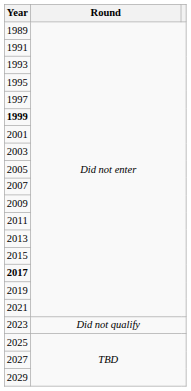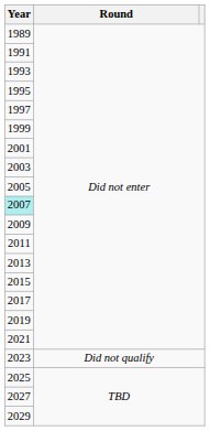 <table class="wikitable" style="text-align: center; font-size:90%">
 <tr>
 <th>Year</th>
 <th style="width:200px">Round</th>
 <th></th>
 </tr>
 <tr>
 <td>1989</td>
 <td colspan="2" rowspan="17"><em>Did not enter</em></td>
 </tr>
 <tr>
 <td>1991</td>
 </tr>
 <tr>
 <td>1993</td>
 </tr>
 <tr>
 <td>1995</td>
 </tr>
 <tr>
 <td>1997</td>
 </tr>
 <tr>
-<td><strong>1999</strong></td>
+<td>1999</td>
 </tr>
 <tr>
 <td>2001</td>
 </tr>
 <tr>
 <td>2003</td>
 </tr>
 <tr>
 <td>2005</td>
 </tr>
 <tr>
-<td>2007</td>
+<td style="background: paleturquoise;">2007</td>
 </tr>
 <tr>
 <td>2009</td>
 </tr>
 <tr>
 <td>2011</td>
 </tr>
 <tr>
 <td>2013</td>
 </tr>
 <tr>
 <td>2015</td>
 </tr>
 <tr>
-<td><strong>2017</strong></td>
+<td>2017</td>
 </tr>
 <tr>
 <td>2019</td>
 </tr>
 <tr>
 <td>2021</td>
 </tr>
 <tr>
 <td>2023</td>
 <td colspan="2"><em>Did not qualify</em></td>
 </tr>
 <tr>
 <td>2025</td>
 <td colspan="2" rowspan="3"><em>TBD</em></td>
 </tr>
 <tr>
 <td>2027</td>
 </tr>
 <tr>
 <td>2029</td>
 </tr>
 </table>
